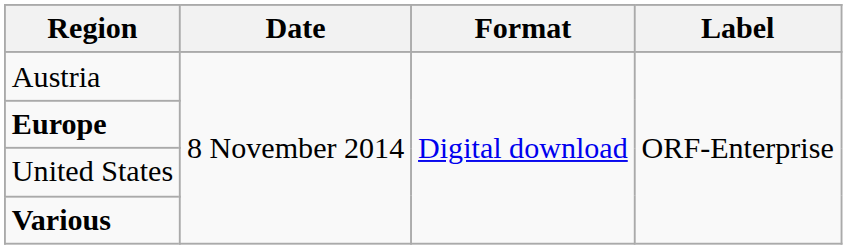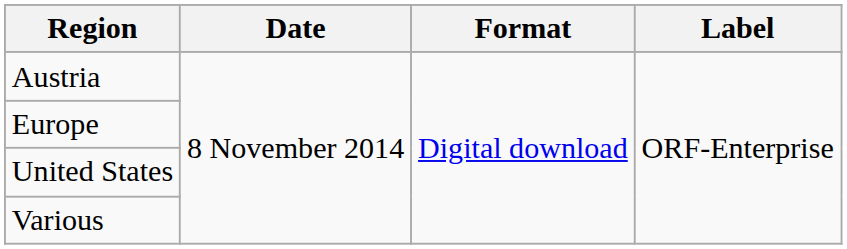 <table class=wikitable>
 <tr>
 <th>Region</th>
 <th>Date</th>
 <th>Format</th>
 <th>Label</th>
 </tr>
 <tr>
 <td>Austria</td>
 <td rowspan="4">8 November 2014</td>
 <td rowspan="4"><a href='#'>Digital download</a></td>
 <td rowspan="4">ORF-Enterprise</td>
 </tr>
 <tr>
-<td><strong>Europe</strong></td>
+<td>Europe</td>
 </tr>
 <tr>
 <td>United States</td>
 </tr>
 <tr>
-<td><strong>Various</strong></td>
+<td>Various</td>
 </tr>
 </table>
